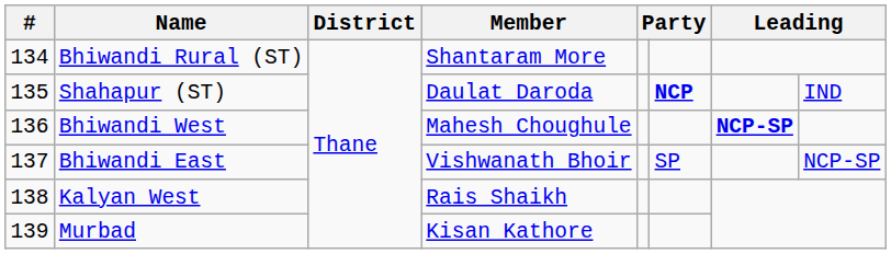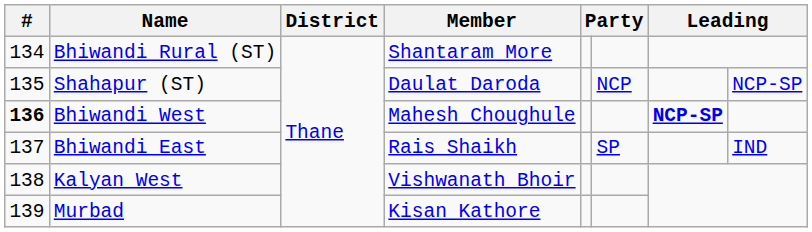 <table class="wikitable">
 <tr>
 <th>#</th>
 <th>Name</th>
 <th>District</th>
 <th>Member</th>
 <th colspan="2">Party</th>
 <th colspan=2>Leading<br></th>
 </tr>
 <tr>
 <td>134</td>
 <td><a href='#'>Bhiwandi Rural</a> (ST)</td>
 <td rowspan="6"><a href='#'>Thane</a></td>
 <td><a href='#'>Shantaram More</a></td>
 <td></td>
 <td></td>
 </tr>
 <tr>
 <td>135</td>
 <td><a href='#'>Shahapur</a> (ST)</td>
 <td><a href='#'>Daulat Daroda</a></td>
 <td></td>
-<td><strong><a href='#'>NCP</a></strong></td>
+<td><a href='#'>NCP</a></td>
 <td style="background-color: "></td>
-<td><a href='#'>IND</a></td>
+<td><a href='#'>NCP-SP</a></td>
 </tr>
 <tr>
-<td>136</td>
+<td><strong>136</strong></td>
 <td><a href='#'>Bhiwandi West</a></td>
 <td><a href='#'>Mahesh Choughule</a></td>
 <td></td>
 <td style="background-color: "></td>
 <td><strong><a href='#'>NCP-SP</a></strong></td>
 </tr>
 <tr>
 <td>137</td>
 <td><a href='#'>Bhiwandi East</a></td>
-<td><a href='#'>Vishwanath Bhoir</a></td>
+<td><a href='#'>Rais Shaikh</a></td>
 <td></td>
 <td><a href='#'>SP</a></td>
 <td style="background-color: "></td>
-<td><a href='#'>NCP-SP</a></td>
+<td><a href='#'>IND</a></td>
 </tr>
 <tr>
 <td>138</td>
 <td><a href='#'>Kalyan West</a></td>
-<td><a href='#'>Rais Shaikh</a></td>
+<td><a href='#'>Vishwanath Bhoir</a></td>
 <td></td>
 <td></td>
 </tr>
 <tr>
 <td>139</td>
 <td><a href='#'>Murbad</a></td>
 <td><a href='#'>Kisan Kathore</a></td>
 <td></td>
 <td></td>
 </tr>
 </table>
